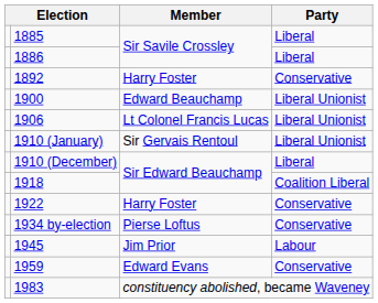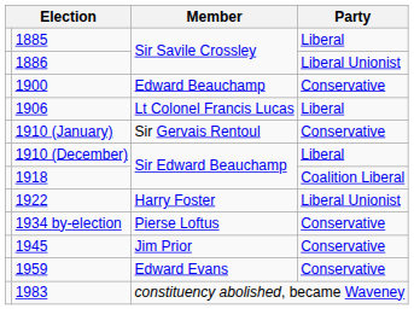 <table class="wikitable">
 <tr>
 <th colspan="2">Election</th>
 <th>Member</th>
 <th>Party</th>
 </tr>
 <tr>
 <td style="color:inherit;background-color: "></td>
 <td><a href='#'>1885</a></td>
 <td rowspan="2"><a href='#'>Sir Savile Crossley</a></td>
 <td><a href='#'>Liberal</a></td>
 </tr>
 <tr>
 <td style="color:inherit;background-color: "></td>
 <td><a href='#'>1886</a></td>
-<td><a href='#'>Liberal</a></td>
-</tr>
-<tr>
-<td style="color:inherit;background-color: "></td>
-<td><a href='#'>1892</a></td>
-<td><a href='#'>Harry Foster</a></td>
-<td><a href='#'>Conservative</a></td>
+<td><a href='#'>Liberal Unionist</a></td>
 </tr>
 <tr>
 <td style="color:inherit;background-color: "></td>
 <td><a href='#'>1900</a></td>
 <td><a href='#'>Edward Beauchamp</a></td>
-<td><a href='#'>Liberal Unionist</a></td>
+<td><a href='#'>Conservative</a></td>
 </tr>
 <tr>
 <td style="color:inherit;background-color: "></td>
 <td><a href='#'>1906</a></td>
 <td><a href='#'>Lt Colonel Francis Lucas</a></td>
-<td><a href='#'>Liberal Unionist</a></td>
+<td><a href='#'>Liberal</a></td>
 </tr>
 <tr>
 <td style="color:inherit;background-color: "></td>
 <td><a href='#'>1910 (January)</a></td>
 <td>Sir <a href='#'>Gervais Rentoul</a></td>
-<td><a href='#'>Liberal Unionist</a></td>
+<td><a href='#'>Conservative</a></td>
 </tr>
 <tr>
 <td style="color:inherit;background-color: "></td>
 <td><a href='#'>1910 (December)</a></td>
 <td rowspan="2"><a href='#'>Sir Edward Beauchamp</a></td>
 <td><a href='#'>Liberal</a></td>
 </tr>
 <tr>
 <td style="color:inherit;background-color: "></td>
 <td><a href='#'>1918</a></td>
 <td><a href='#'>Coalition Liberal</a></td>
 </tr>
 <tr>
 <td style="color:inherit;background-color: "></td>
 <td><a href='#'>1922</a></td>
 <td><a href='#'>Harry Foster</a></td>
-<td><a href='#'>Conservative</a></td>
+<td><a href='#'>Liberal Unionist</a></td>
 </tr>
 <tr>
 <td style="color:inherit;background-color: "></td>
 <td><a href='#'>1934 by-election</a></td>
 <td><a href='#'>Pierse Loftus</a></td>
 <td><a href='#'>Conservative</a></td>
 </tr>
 <tr>
 <td style="color:inherit;background-color: "></td>
 <td><a href='#'>1945</a></td>
 <td><a href='#'>Jim Prior</a></td>
-<td><a href='#'>Labour</a></td>
+<td><a href='#'>Conservative</a></td>
 </tr>
 <tr>
 <td style="color:inherit;background-color: "></td>
 <td><a href='#'>1959</a></td>
 <td><a href='#'>Edward Evans</a></td>
 <td><a href='#'>Conservative</a></td>
 </tr>
 <tr>
 <td></td>
 <td><a href='#'>1983</a></td>
 <td colspan="2"><em>constituency abolished</em>, became <a href='#'>Waveney</a></td>
 </tr>
 </table>
